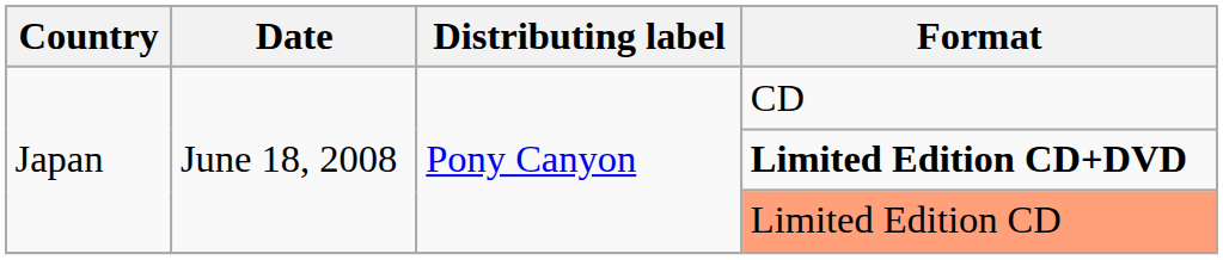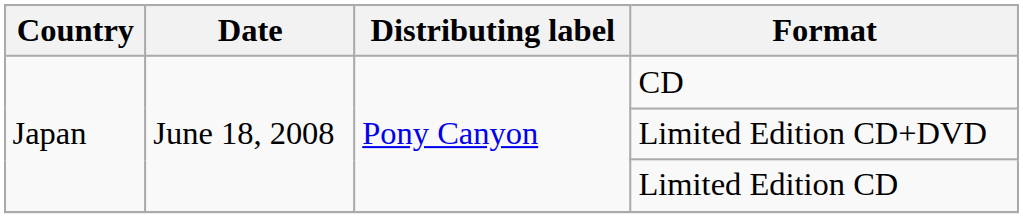 <table class="wikitable" style="width:500px">
 <tr>
 <th>Country</th>
 <th>Date</th>
 <th>Distributing label</th>
 <th>Format</th>
 </tr>
 <tr>
 <td rowspan=3>Japan</td>
 <td rowspan=3>June 18, 2008</td>
 <td rowspan=3><a href='#'>Pony Canyon</a></td>
 <td>CD</td>
 </tr>
 <tr>
-<td><strong>Limited Edition CD+DVD </strong></td>
+<td>Limited Edition CD+DVD </td>
 </tr>
 <tr>
-<td style="background: lightsalmon;">Limited Edition CD</td>
+<td>Limited Edition CD</td>
 </tr>
 <tr>
 </tr>
 </table>
